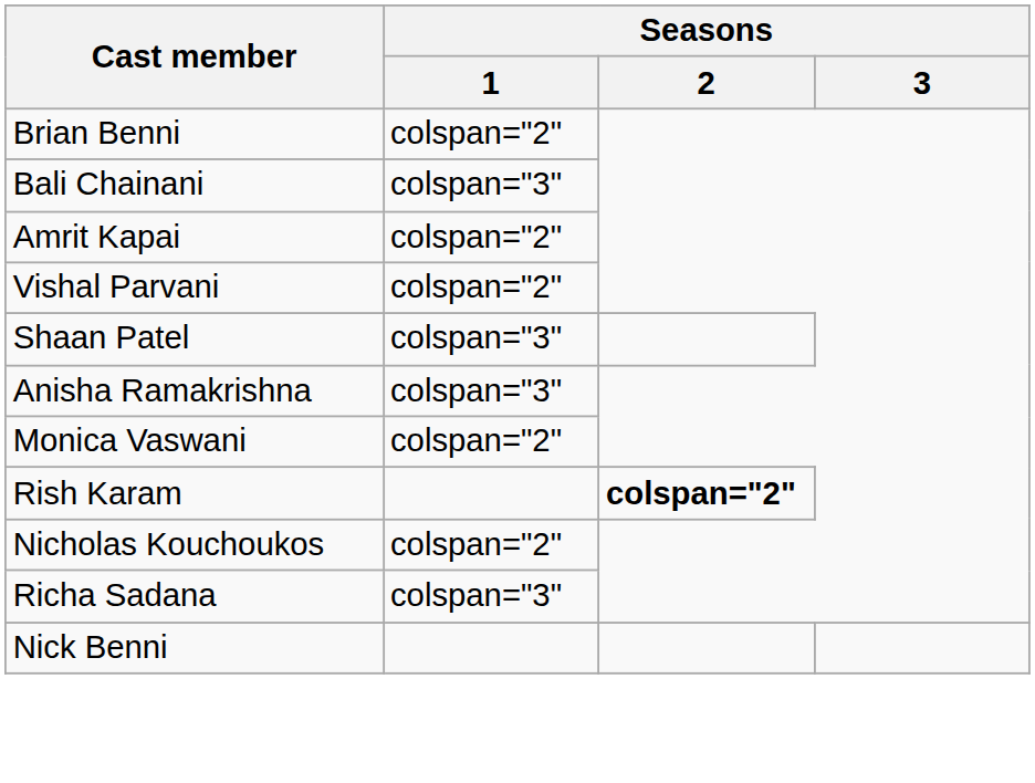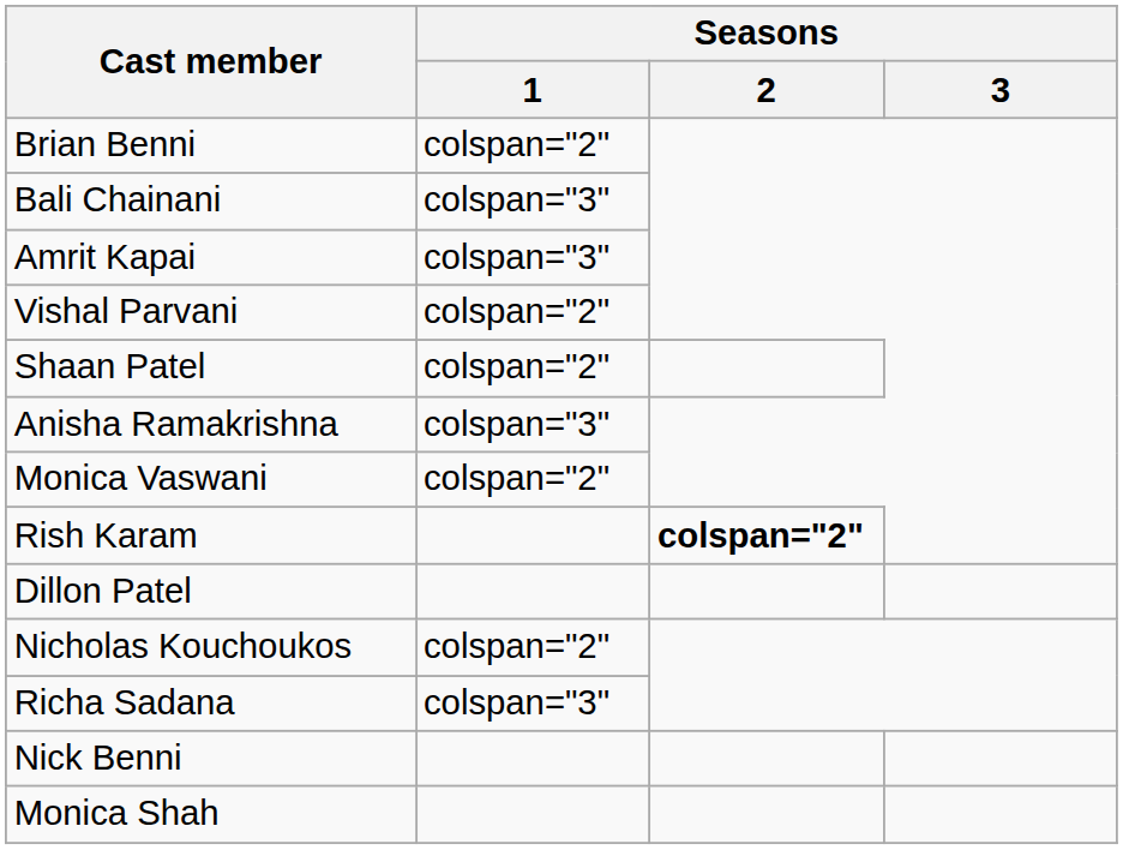 <table class="wikitable plainrowheaders style="width:70%;">
 <tr>
 <th rowspan="2" width="35%">Cast member</th>
 <th colspan="3">Seasons</th>
 </tr>
 <tr>
 <th style="width:20%;">1</th>
 <th style="width:20%;">2</th>
 <th style="width:20%;">3</th>
 </tr>
 <tr>
 <td>Brian Benni</td>
 <td>colspan="2" </td>
 </tr>
 <tr>
 <td>Bali Chainani</td>
 <td>colspan="3" </td>
 </tr>
 <tr>
 <td>Amrit Kapai</td>
-<td>colspan="2" </td>
+<td>colspan="3" </td>
 </tr>
 <tr>
 <td>Vishal Parvani</td>
 <td>colspan="2" </td>
 </tr>
 <tr>
 <td>Shaan Patel</td>
-<td>colspan="3" </td>
+<td>colspan="2" </td>
 <td></td>
 </tr>
 <tr>
 <td>Anisha Ramakrishna</td>
 <td>colspan="3" </td>
 </tr>
 <tr>
 <td>Monica Vaswani</td>
 <td>colspan="2" </td>
 </tr>
 <tr>
 <td>Rish Karam</td>
 <td></td>
 <td><strong>colspan="2"</strong></td>
 </tr>
 <tr>
+<td>Dillon Patel</td>
+<td></td>
+<td></td>
+<td></td>
+</tr>
+<tr>
 <td>Nicholas Kouchoukos</td>
 <td>colspan="2" </td>
 </tr>
 <tr>
 <td>Richa Sadana</td>
 <td>colspan="3" </td>
 </tr>
 <tr>
 <td>Nick Benni</td>
 <td></td>
 <td></td>
 <td></td>
 </tr>
+<tr>
+<td>Monica Shah</td>
+<td></td>
+<td></td>
+<td></td>
+</tr>
 </table>
